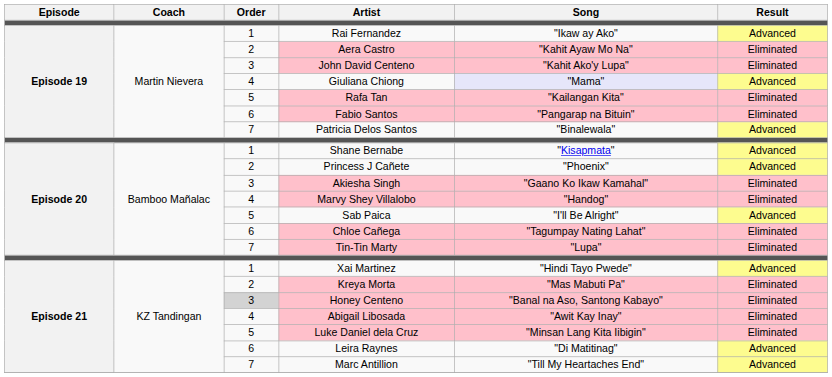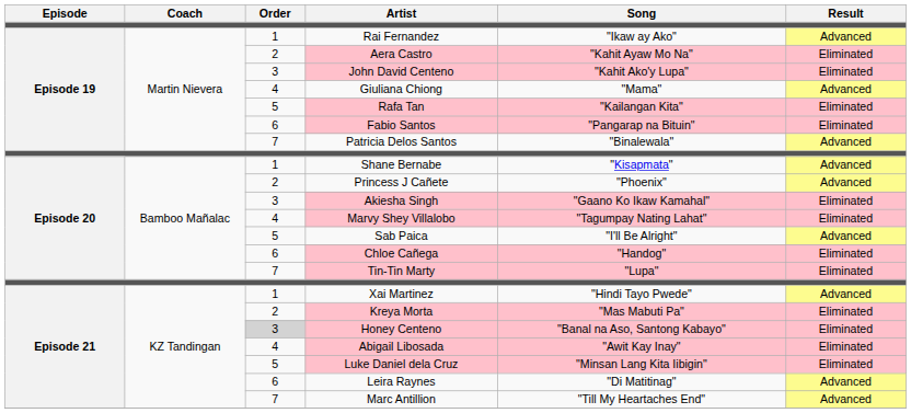 <table class="wikitable" style="text-align:center; line-height:17px">
 <tr>
 <th width="10%">Episode</th>
 <th width="10%">Coach</th>
 <th width="05%">Order</th>
 <th width="16%">Artist</th>
 <th width="24%">Song</th>
 <th width="10%">Result</th>
 </tr>
 <tr>
 <th colspan="6" style="background:#555;"></th>
 </tr>
 <tr>
 <th rowspan="7">Episode 19<br><small></small></th>
 <td rowspan="7">Martin Nievera</td>
 <td>1</td>
 <td>Rai Fernandez</td>
 <td>"Ikaw ay Ako"</td>
 <td style="background:#fdfc8f;">Advanced</td>
 </tr>
 <tr>
 <td>2</td>
 <td style="background:pink;">Aera Castro</td>
 <td style="background:pink;">"Kahit Ayaw Mo Na"</td>
 <td style="background:pink;">Eliminated</td>
 </tr>
 <tr>
 <td>3</td>
 <td style="background:pink;">John David Centeno</td>
 <td style="background:pink;">"Kahit Ako'y Lupa"</td>
 <td style="background:pink;">Eliminated</td>
 </tr>
 <tr>
 <td>4</td>
 <td>Giuliana Chiong</td>
-<td style="background: lavender;">"Mama"</td>
+<td>"Mama"</td>
 <td style="background:#fdfc8f;">Advanced</td>
 </tr>
 <tr>
 <td>5</td>
 <td style="background:pink;">Rafa Tan</td>
 <td style="background:pink;">"Kailangan Kita"</td>
 <td style="background:pink;">Eliminated</td>
 </tr>
 <tr>
 <td>6</td>
 <td style="background:pink;">Fabio Santos</td>
 <td style="background:pink;">"Pangarap na Bituin"</td>
 <td style="background:pink;">Eliminated</td>
 </tr>
 <tr>
 <td>7</td>
 <td>Patricia Delos Santos</td>
 <td>"Binalewala"</td>
 <td style="background:#fdfc8f;">Advanced</td>
 </tr>
 <tr>
 <th colspan="6" style="background:#555;"></th>
 </tr>
 <tr>
 <th rowspan="7">Episode 20<br><small></small></th>
 <td rowspan="7">Bamboo Mañalac</td>
 <td>1</td>
 <td>Shane Bernabe</td>
 <td>"<a href='#'>Kisapmata</a>"</td>
 <td style="background:#fdfc8f;">Advanced</td>
 </tr>
 <tr>
 <td>2</td>
 <td>Princess J Cañete</td>
 <td>"Phoenix"</td>
 <td style="background:#fdfc8f;">Advanced</td>
 </tr>
 <tr>
 <td>3</td>
 <td style="background:pink;">Akiesha Singh</td>
 <td style="background:pink;">"Gaano Ko Ikaw Kamahal"</td>
 <td style="background:pink;">Eliminated</td>
 </tr>
 <tr>
 <td>4</td>
 <td style="background:pink;">Marvy Shey Villalobo</td>
-<td style="background:pink;">"Handog"</td>
+<td style="background:pink;">"Tagumpay Nating Lahat"</td>
 <td style="background:pink;">Eliminated</td>
 </tr>
 <tr>
 <td>5</td>
 <td>Sab Paica</td>
 <td>"I'll Be Alright"</td>
 <td style="background:#fdfc8f;">Advanced</td>
 </tr>
 <tr>
 <td>6</td>
 <td style="background:pink;">Chloe Cañega</td>
-<td style="background:pink;">"Tagumpay Nating Lahat"</td>
+<td style="background:pink;">"Handog"</td>
 <td style="background:pink;">Eliminated</td>
 </tr>
 <tr>
 <td>7</td>
 <td style="background:pink;">Tin-Tin Marty</td>
 <td style="background:pink;">"Lupa"</td>
 <td style="background:pink;">Eliminated</td>
 </tr>
 <tr>
 <th colspan="6" style="background:#555;"></th>
 </tr>
 <tr>
 <th rowspan="7">Episode 21<br><small></small></th>
 <td rowspan="7">KZ Tandingan</td>
 <td>1</td>
 <td>Xai Martinez</td>
 <td>"Hindi Tayo Pwede"</td>
 <td style="background:#fdfc8f;">Advanced</td>
 </tr>
 <tr>
 <td>2</td>
 <td style="background:pink;">Kreya Morta</td>
 <td style="background:pink;">"Mas Mabuti Pa"</td>
 <td style="background:pink;">Eliminated</td>
 </tr>
 <tr>
 <td style="background: lightgrey;">3</td>
 <td style="background:pink;">Honey Centeno</td>
 <td style="background:pink;">"Banal na Aso, Santong Kabayo"</td>
 <td style="background:pink;">Eliminated</td>
 </tr>
 <tr>
 <td>4</td>
 <td style="background:pink;">Abigail Libosada</td>
 <td style="background:pink;">"Awit Kay Inay"</td>
 <td style="background:pink;">Eliminated</td>
 </tr>
 <tr>
 <td>5</td>
 <td style="background:pink;">Luke Daniel dela Cruz</td>
 <td style="background:pink;">"Minsan Lang Kita Iibigin"</td>
 <td style="background:pink;">Eliminated</td>
 </tr>
 <tr>
 <td>6</td>
 <td>Leira Raynes</td>
 <td>"Di Matitinag"</td>
 <td style="background:#fdfc8f;">Advanced</td>
 </tr>
 <tr>
 <td>7</td>
 <td>Marc Antillion</td>
 <td>"Till My Heartaches End"</td>
 <td style="background:#fdfc8f;">Advanced</td>
 </tr>
 <tr>
 </tr>
 </table>
